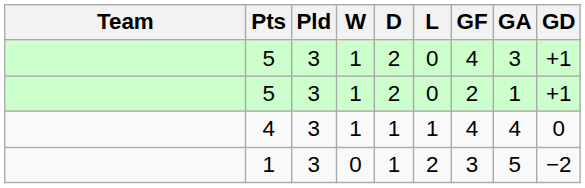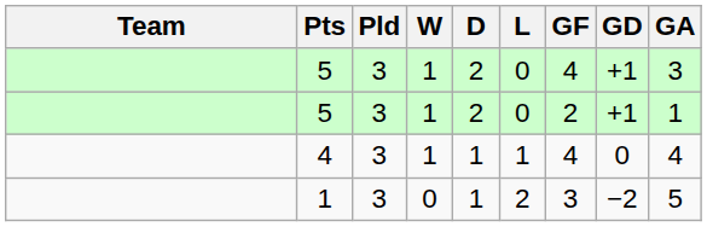 <table class="wikitable" style="text-align: center;">
 <tr>
 <th width="165">Team</th>
 <th width="20">Pts</th>
 <th width="20">Pld</th>
 <th width="20">W</th>
 <th width="20">D</th>
 <th width="20">L</th>
 <th width="20">GF</th>
+<th width="20">GD</th>
 <th width="20">GA</th>
-<th width="20">GD</th>
 </tr>
 <tr style="background: #ccffcc;">
 <td style="text-align:left;"></td>
 <td>5</td>
 <td>3</td>
 <td>1</td>
 <td>2</td>
 <td>0</td>
 <td>4</td>
+<td>+1</td>
 <td>3</td>
-<td>+1</td>
 </tr>
 <tr style="background: #ccffcc;">
 <td style="text-align:left;"></td>
 <td>5</td>
 <td>3</td>
 <td>1</td>
 <td>2</td>
 <td>0</td>
 <td>2</td>
+<td>+1</td>
 <td>1</td>
-<td>+1</td>
 </tr>
 <tr bgcolor=>
 <td style="text-align:left;"></td>
 <td>4</td>
 <td>3</td>
 <td>1</td>
 <td>1</td>
 <td>1</td>
 <td>4</td>
+<td>0</td>
 <td>4</td>
-<td>0</td>
 </tr>
 <tr bgcolor=>
 <td style="text-align:left;"></td>
 <td>1</td>
 <td>3</td>
 <td>0</td>
 <td>1</td>
 <td>2</td>
 <td>3</td>
+<td>−2</td>
 <td>5</td>
-<td>−2</td>
 </tr>
 </table>
